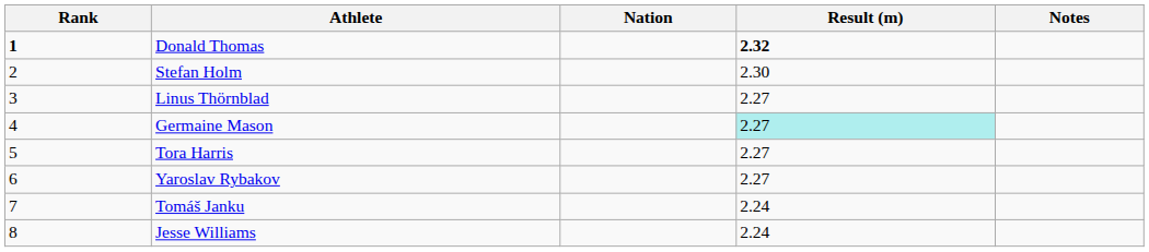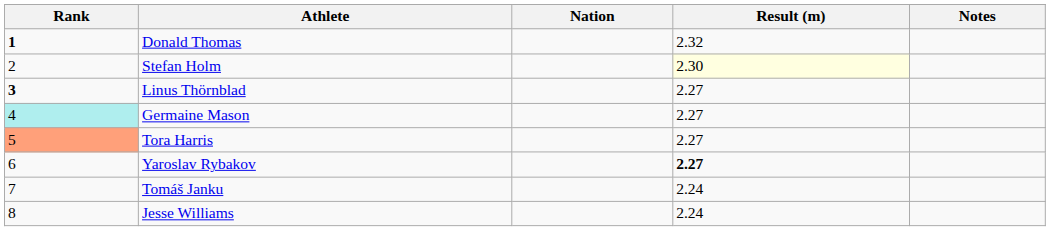 <table class="wikitable" width=85%>
 <tr>
 </tr>
 <tr>
 <th>Rank</th>
 <th>Athlete</th>
 <th>Nation</th>
 <th>Result (m)</th>
 <th>Notes</th>
 </tr>
 <tr>
 <td><strong>1</strong></td>
 <td><a href='#'>Donald Thomas</a></td>
 <td></td>
-<td><strong>2.32</strong></td>
+<td>2.32</td>
 <td></td>
 </tr>
 <tr>
 <td>2</td>
 <td><a href='#'>Stefan Holm</a></td>
 <td></td>
-<td>2.30</td>
+<td style="background: lightyellow;">2.30</td>
 <td></td>
 </tr>
 <tr>
-<td>3</td>
+<td><strong>3</strong></td>
 <td><a href='#'>Linus Thörnblad</a></td>
 <td></td>
 <td>2.27</td>
 <td></td>
 </tr>
 <tr>
-<td>4</td>
+<td style="background: paleturquoise;">4</td>
 <td><a href='#'>Germaine Mason</a></td>
 <td></td>
-<td style="background: paleturquoise;">2.27</td>
+<td>2.27</td>
 <td></td>
 </tr>
 <tr>
-<td>5</td>
+<td style="background: lightsalmon;">5</td>
 <td><a href='#'>Tora Harris</a></td>
 <td></td>
 <td>2.27</td>
 <td></td>
 </tr>
 <tr>
 <td>6</td>
 <td><a href='#'>Yaroslav Rybakov</a></td>
 <td></td>
-<td>2.27</td>
+<td><strong>2.27</strong></td>
 <td></td>
 </tr>
 <tr>
 <td>7</td>
 <td><a href='#'>Tomáš Janku</a></td>
 <td></td>
 <td>2.24</td>
 <td></td>
 </tr>
 <tr>
 <td>8</td>
 <td><a href='#'>Jesse Williams</a></td>
 <td></td>
 <td>2.24</td>
 <td></td>
 </tr>
 </table>
